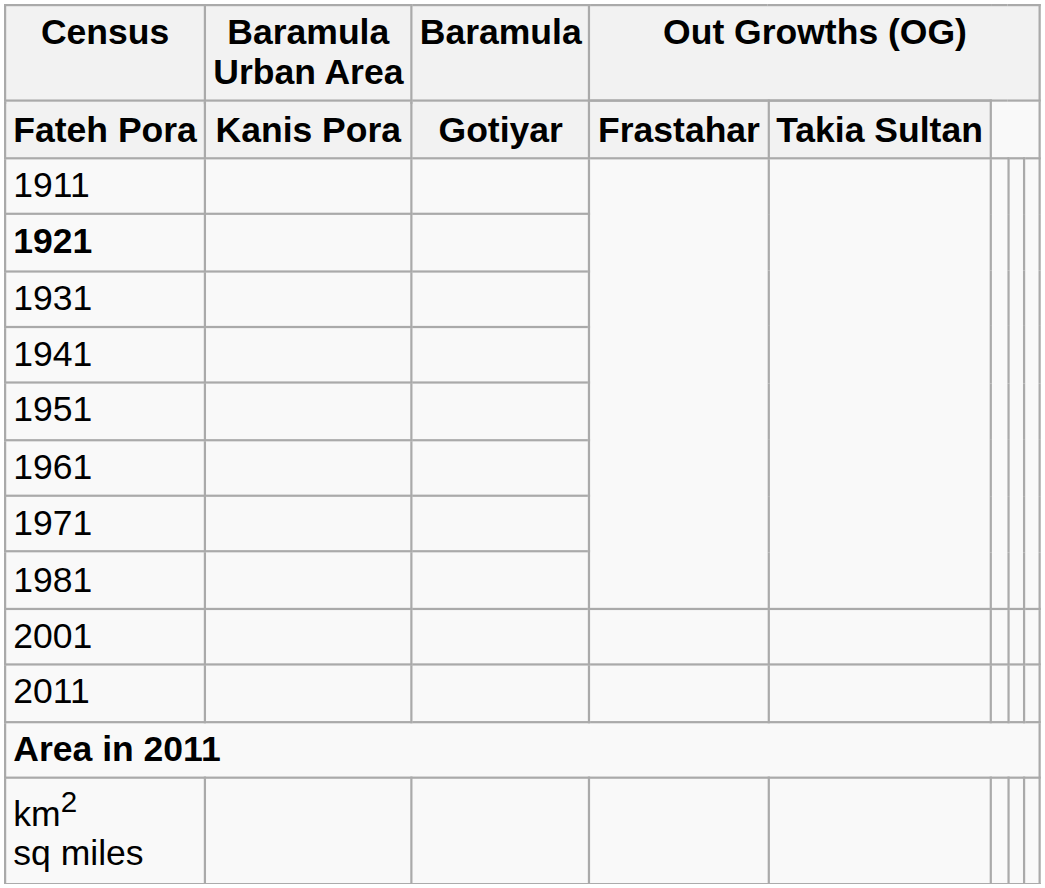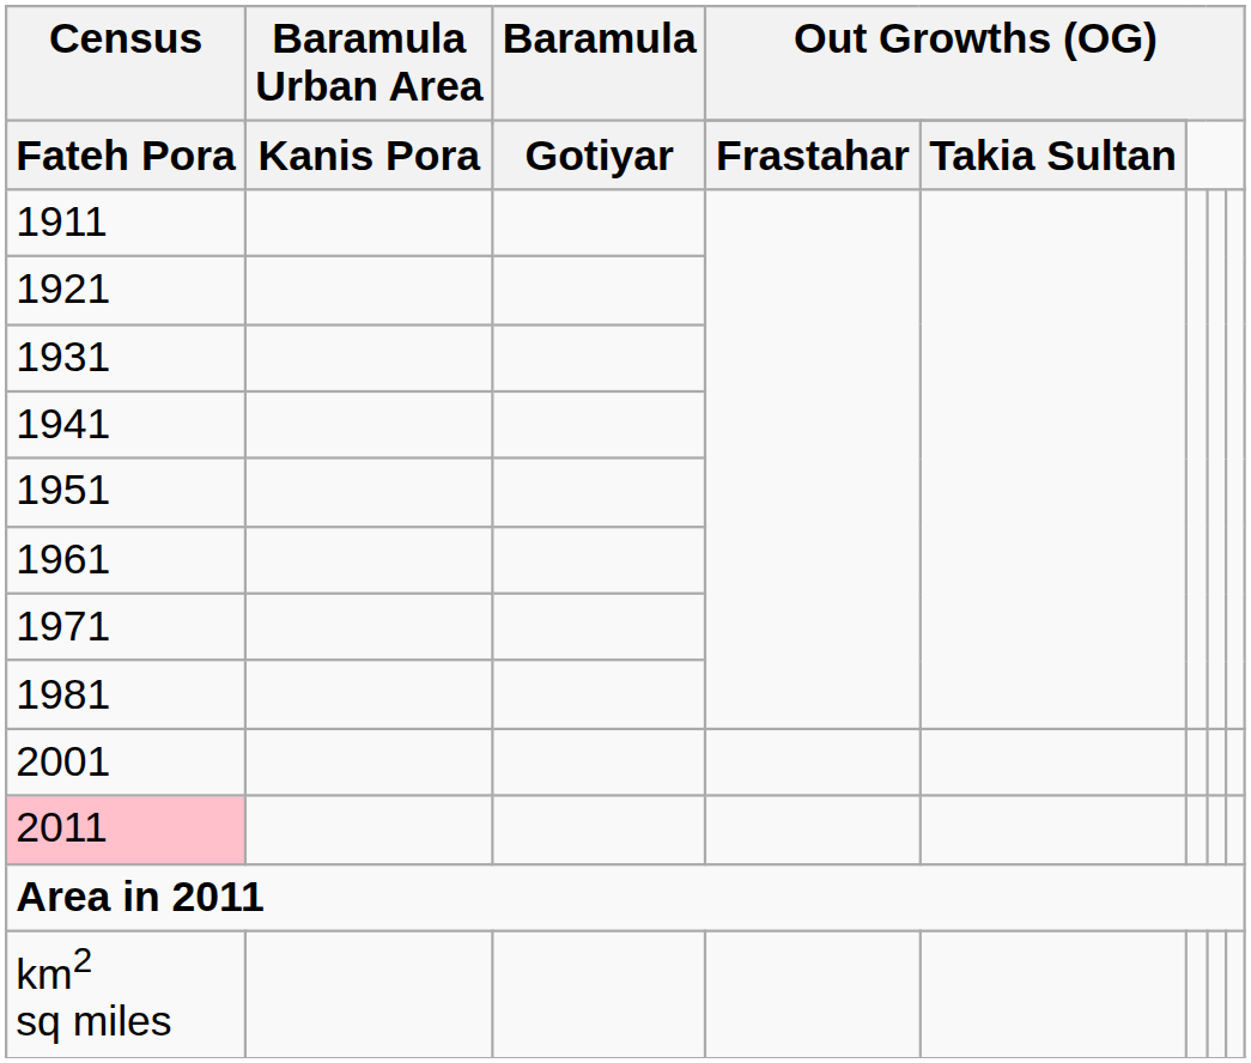 <table class="wikitable" style="margin-bottom: 0;">
 <tr style="vertical-align:top;">
 <th rowspan=2>Census</th>
 <th rowspan=2>Baramula <br>Urban Area</th>
 <th rowspan=2>Baramula</th>
 <th colspan=5>Out Growths (OG)</th>
 </tr>
 <tr style="vertical-align:top;">
 </tr>
 <tr style="vertical-align:top;">
 <th>Fateh Pora</th>
 <th>Kanis Pora</th>
 <th>Gotiyar</th>
 <th>Frastahar</th>
 <th>Takia Sultan</th>
 </tr>
 <tr style="vertical-align:top;">
 <td>1911</td>
 <td style="text-align:right;"></td>
 <td style="text-align:right;"></td>
 <td rowspan=8></td>
 <td rowspan=8></td>
 <td rowspan=8></td>
 <td rowspan=8></td>
 <td rowspan=8></td>
 </tr>
 <tr style="vertical-align:top;">
-<td><strong>1921</strong></td>
+<td>1921</td>
 <td style="text-align:right;"></td>
 <td style="text-align:right;"></td>
 </tr>
 <tr style="vertical-align:top;">
 <td>1931</td>
 <td style="text-align:right;"></td>
 <td style="text-align:right;"></td>
 </tr>
 <tr style="vertical-align:top;">
 <td>1941</td>
 <td style="text-align:right;"></td>
 <td style="text-align:right;"></td>
 </tr>
 <tr style="vertical-align:top;">
 <td>1951</td>
 <td style="text-align:right;"></td>
 <td style="text-align:right;"></td>
 </tr>
 <tr style="vertical-align:top;">
 <td>1961</td>
 <td style="text-align:right;"></td>
 <td style="text-align:right;"></td>
 </tr>
 <tr style="vertical-align:top;">
 <td>1971</td>
 <td style="text-align:right;"></td>
 <td style="text-align:right;"></td>
 </tr>
 <tr style="vertical-align:top;">
 <td>1981</td>
 <td style="text-align:right;"></td>
 <td style="text-align:right;"></td>
 </tr>
 <tr style="vertical-align:top;">
 <td>2001</td>
 <td style="text-align:right;"></td>
 <td style="text-align:right;"></td>
 <td style="text-align:right;"></td>
 <td style="text-align:right;"></td>
 <td style="text-align:right;"></td>
 <td style="text-align:right;"></td>
 <td style="text-align:right;"></td>
 </tr>
 <tr style="vertical-align:top;">
-<td>2011</td>
+<td style="background: pink;">2011</td>
 <td style="text-align:right;"></td>
 <td style="text-align:right;"></td>
 <td style="text-align:right;"></td>
 <td style="text-align:right;"></td>
 <td style="text-align:right;"></td>
 <td style="text-align:right;"></td>
 <td style="text-align:right;"></td>
 </tr>
 <tr style="vertical-align:top;">
 <td colspan=8><strong>Area in 2011</strong></td>
 </tr>
 <tr style="vertical-align:top;">
 <td>km<sup>2</sup><br>sq miles</td>
 <td style="text-align:right;"></td>
 <td style="text-align:right;"></td>
 <td style="text-align:right;"></td>
 <td style="text-align:right;"></td>
 <td style="text-align:right;"></td>
 <td style="text-align:right;"></td>
 <td style="text-align:right;"></td>
 </tr>
 <tr>
 </tr>
 </table>
